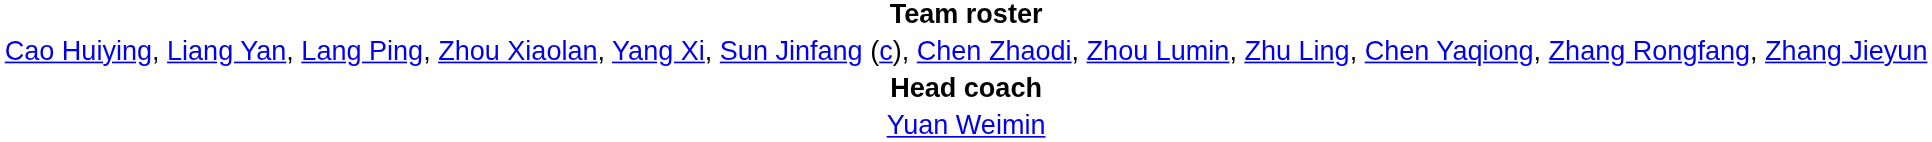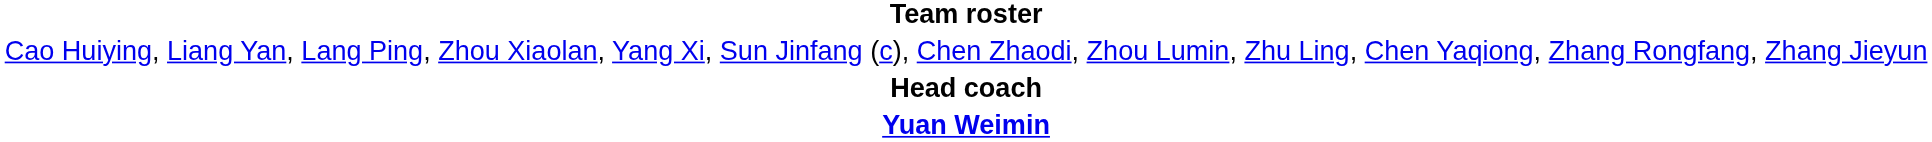 <table style="text-align:center; margin-top:2em; margin-left:auto; margin-right:auto">
 <tr>
 <td><strong>Team roster</strong></td>
 </tr>
 <tr>
 <td><a href='#'>Cao Huiying</a>, <a href='#'>Liang Yan</a>, <a href='#'>Lang Ping</a>, <a href='#'>Zhou Xiaolan</a>, <a href='#'>Yang Xi</a>, <a href='#'>Sun Jinfang</a> (<a href='#'>c</a>), <a href='#'>Chen Zhaodi</a>, <a href='#'>Zhou Lumin</a>, <a href='#'>Zhu Ling</a>, <a href='#'>Chen Yaqiong</a>, <a href='#'>Zhang Rongfang</a>, <a href='#'>Zhang Jieyun</a></td>
 </tr>
 <tr>
 <td><strong>Head coach</strong></td>
 </tr>
 <tr>
-<td><a href='#'>Yuan Weimin</a></td>
+<td><strong><a href='#'>Yuan Weimin</a></strong></td>
 </tr>
 <tr>
 </tr>
 </table>
